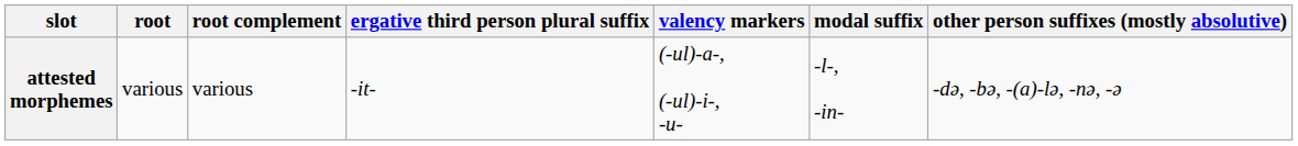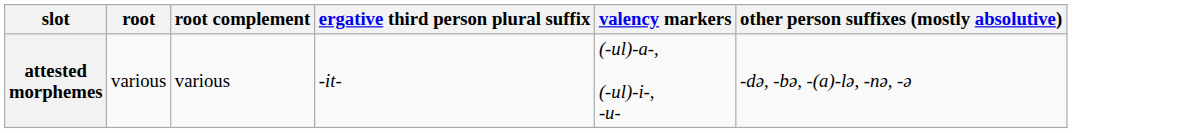 <table class="wikitable">
 <tr>
 <th>slot</th>
 <th>root</th>
 <th>root complement</th>
 <th><a href='#'>ergative</a> third person plural suffix</th>
 <th><a href='#'>valency</a> markers</th>
-<th>modal suffix</th>
 <th>other person suffixes (mostly <a href='#'>absolutive</a>)</th>
 </tr>
 <tr>
 <th>attested<br>morphemes</th>
 <td>various</td>
 <td>various</td>
 <td><em>-it-</em></td>
 <td><em>(-ul)-a-,</em><br><br><em>(-ul)-i-,</em><br>  <em>-u-</em></td>
-<td><em>-l-,</em><br><br><em>-in-</em></td>
 <td><em>-də, -bə, -(a)-lə, -nə, -ə</em></td>
 </tr>
 </table>
